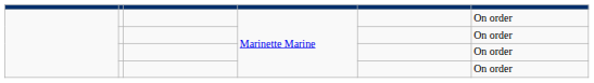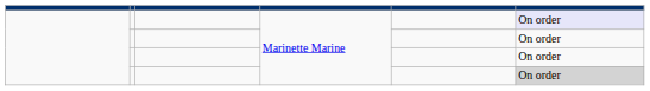 <table class="wikitable">
 <tr>
 <th style="background:#002F6C" width="190"></th>
 <th style="background:#002F6C"></th>
 <th style="background:#002F6C" width="190"></th>
 <th style="background:#002F6C" width="190"></th>
 <th style="background:#002F6C" width="190"></th>
 <th style="background:#002F6C" width="190"></th>
 </tr>
 <tr>
 <td rowspan="4"></td>
 <td></td>
 <td></td>
 <td rowspan="4"><a href='#'>Marinette Marine</a></td>
 <td></td>
-<td>On order</td>
+<td style="background: lavender;">On order</td>
 </tr>
 <tr>
 <td></td>
 <td></td>
 <td></td>
 <td>On order</td>
 </tr>
 <tr>
 <td></td>
 <td></td>
 <td></td>
 <td>On order</td>
 </tr>
 <tr>
 <td></td>
 <td></td>
 <td></td>
-<td>On order</td>
+<td style="background: lightgrey;">On order</td>
 </tr>
 </table>
